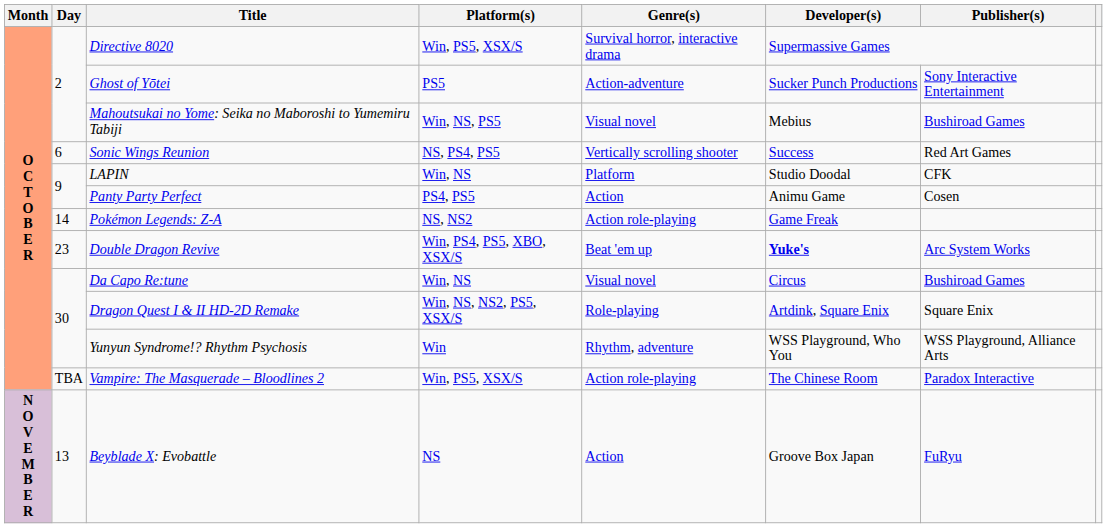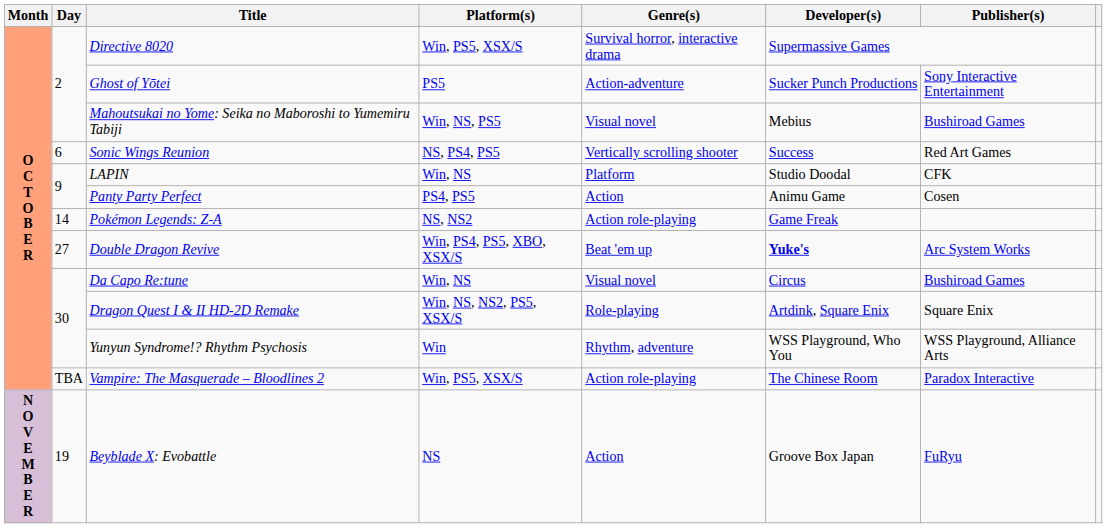 <table class="wikitable">
 <tr style="background:#dae3e7;">
 <th>Month</th>
 <th>Day</th>
 <th>Title</th>
 <th>Platform(s)</th>
 <th>Genre(s)</th>
 <th>Developer(s)</th>
 <th>Publisher(s)</th>
 <th></th>
 </tr>
 <tr>
 <td rowspan="12" style="text-align:center; background:#ffa07a; textcolor:#000;"><strong>O<br>C<br>T<br>O<br>B<br>E<br>R</strong></td>
 <td rowspan="3">2</td>
 <td><em><a href='#'>Directive 8020</a></em></td>
 <td><a href='#'>Win</a>, <a href='#'>PS5</a>, <a href='#'>XSX/S</a></td>
 <td><a href='#'>Survival horror</a>, <a href='#'>interactive drama</a></td>
 <td colspan="2"><a href='#'>Supermassive Games</a></td>
 <td align="center"></td>
 </tr>
 <tr>
 <td><em><a href='#'>Ghost of Yōtei</a></em></td>
 <td><a href='#'>PS5</a></td>
 <td><a href='#'>Action-adventure</a></td>
 <td><a href='#'>Sucker Punch Productions</a></td>
 <td><a href='#'>Sony Interactive Entertainment</a></td>
 <td align="center"></td>
 </tr>
 <tr>
 <td><em><a href='#'>Mahoutsukai no Yome</a>: Seika no Maboroshi to Yumemiru Tabiji</em></td>
 <td><a href='#'>Win</a>, <a href='#'>NS</a>, <a href='#'>PS5</a></td>
 <td><a href='#'>Visual novel</a></td>
 <td>Mebius</td>
 <td><a href='#'>Bushiroad Games</a></td>
 <td align="center"></td>
 </tr>
 <tr>
 <td>6</td>
 <td><em><a href='#'>Sonic Wings Reunion</a></em></td>
 <td><a href='#'>NS</a>, <a href='#'>PS4</a>, <a href='#'>PS5</a></td>
 <td><a href='#'>Vertically scrolling shooter</a></td>
 <td><a href='#'>Success</a></td>
 <td>Red Art Games</td>
 <td align="center"></td>
 </tr>
 <tr>
 <td rowspan="2">9</td>
 <td><em>LAPIN</em></td>
 <td><a href='#'>Win</a>, <a href='#'>NS</a></td>
 <td><a href='#'>Platform</a></td>
 <td>Studio Doodal</td>
 <td>CFK</td>
 <td align="center"></td>
 </tr>
 <tr>
 <td><em><a href='#'>Panty Party Perfect</a></em></td>
 <td><a href='#'>PS4</a>, <a href='#'>PS5</a></td>
 <td><a href='#'>Action</a></td>
 <td>Animu Game</td>
 <td>Cosen</td>
 <td align="center"></td>
 </tr>
 <tr>
 <td>14</td>
 <td><em><a href='#'>Pokémon Legends: Z-A</a></em></td>
 <td><a href='#'>NS</a>, <a href='#'>NS2</a></td>
 <td><a href='#'>Action role-playing</a></td>
 <td><a href='#'>Game Freak</a></td>
 <td></td>
 <td align="center"></td>
 </tr>
 <tr>
-<td>23</td>
+<td>27</td>
 <td><em><a href='#'>Double Dragon Revive</a></em></td>
 <td><a href='#'>Win</a>, <a href='#'>PS4</a>, <a href='#'>PS5</a>, <a href='#'>XBO</a>, <a href='#'>XSX/S</a></td>
 <td><a href='#'>Beat 'em up</a></td>
 <td><strong><a href='#'>Yuke's</a></strong></td>
 <td><a href='#'>Arc System Works</a></td>
 <td align="center"></td>
 </tr>
 <tr>
 <td rowspan="3">30</td>
 <td><em><a href='#'>Da Capo Re:tune</a></em></td>
 <td><a href='#'>Win</a>, <a href='#'>NS</a></td>
 <td><a href='#'>Visual novel</a></td>
 <td><a href='#'>Circus</a></td>
 <td><a href='#'>Bushiroad Games</a></td>
 <td align="center"></td>
 </tr>
 <tr>
 <td><em><a href='#'>Dragon Quest I & II HD-2D Remake</a></em></td>
 <td><a href='#'>Win</a>, <a href='#'>NS</a>, <a href='#'>NS2</a>, <a href='#'>PS5</a>, <a href='#'>XSX/S</a></td>
 <td><a href='#'>Role-playing</a></td>
 <td><a href='#'>Artdink</a>, <a href='#'>Square Enix</a></td>
 <td>Square Enix</td>
 <td align="center"></td>
 </tr>
 <tr>
 <td><em>Yunyun Syndrome!? Rhythm Psychosis</em></td>
 <td><a href='#'>Win</a></td>
 <td><a href='#'>Rhythm</a>, <a href='#'>adventure</a></td>
 <td>WSS Playground, Who You</td>
 <td>WSS Playground, Alliance Arts</td>
 <td align="center"></td>
 </tr>
 <tr>
 <td>TBA</td>
 <td><em><a href='#'>Vampire: The Masquerade – Bloodlines 2</a></em></td>
 <td><a href='#'>Win</a>, <a href='#'>PS5</a>, <a href='#'>XSX/S</a></td>
 <td><a href='#'>Action role-playing</a></td>
 <td><a href='#'>The Chinese Room</a></td>
 <td><a href='#'>Paradox Interactive</a></td>
 <td align="center"></td>
 </tr>
 <tr>
 <td rowspan="1" style="text-align:center; background:thistle; textcolor:#000;"><strong>N<br>O<br>V<br>E<br>M<br>B<br>E<br>R</strong></td>
-<td rowspan="1">13</td>
+<td rowspan="1">19</td>
 <td><em><a href='#'>Beyblade X</a>: Evobattle</em></td>
 <td><a href='#'>NS</a></td>
 <td><a href='#'>Action</a></td>
 <td>Groove Box Japan</td>
 <td><a href='#'>FuRyu</a></td>
 <td align="center"></td>
 </tr>
 </table>
